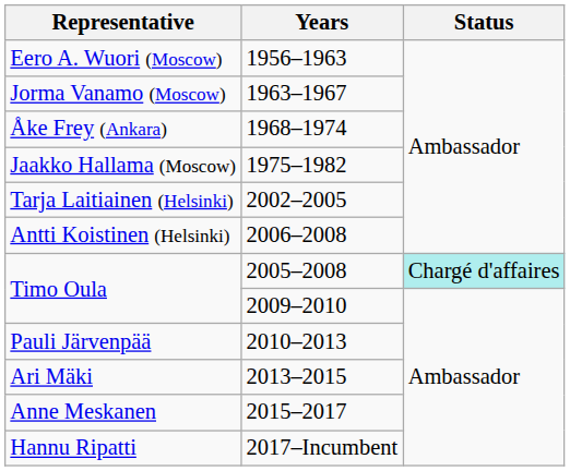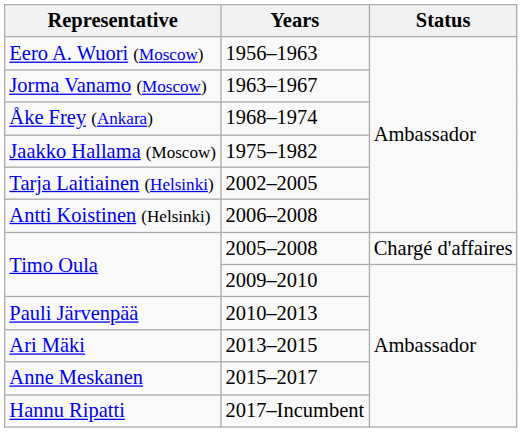 <table class="wikitable sortable">
 <tr>
 <th>Representative</th>
 <th>Years</th>
 <th>Status</th>
 </tr>
 <tr>
 <td><a href='#'>Eero A. Wuori</a> <small>(<a href='#'>Moscow</a>)</small></td>
 <td>1956–1963</td>
 <td rowspan="6">Ambassador</td>
 </tr>
 <tr>
 <td><a href='#'>Jorma Vanamo</a>  <small>(<a href='#'>Moscow</a>)</small></td>
 <td>1963–1967</td>
 </tr>
 <tr>
 <td><a href='#'>Åke Frey</a> <small>(<a href='#'>Ankara</a>)</small></td>
 <td>1968–1974</td>
 </tr>
 <tr>
 <td><a href='#'>Jaakko Hallama</a> <small>(Moscow)</small></td>
 <td>1975–1982</td>
 </tr>
 <tr>
 <td><a href='#'>Tarja Laitiainen</a> <small>(<a href='#'>Helsinki</a>)</small></td>
 <td>2002–2005</td>
 </tr>
 <tr>
 <td><a href='#'>Antti Koistinen</a> <small>(Helsinki)</small></td>
 <td>2006–2008</td>
 </tr>
 <tr>
 <td rowspan="2"><a href='#'>Timo Oula</a></td>
 <td>2005–2008</td>
-<td style="background: paleturquoise;">Chargé d'affaires</td>
+<td>Chargé d'affaires</td>
 </tr>
 <tr>
 <td>2009–2010</td>
 <td rowspan="5">Ambassador</td>
 </tr>
 <tr>
 <td><a href='#'>Pauli Järvenpää</a></td>
 <td>2010–2013</td>
 </tr>
 <tr>
 <td><a href='#'>Ari Mäki</a></td>
 <td>2013–2015</td>
 </tr>
 <tr>
 <td><a href='#'>Anne Meskanen</a></td>
 <td>2015–2017</td>
 </tr>
 <tr>
 <td><a href='#'>Hannu Ripatti</a></td>
 <td>2017–Incumbent</td>
 </tr>
 </table>
